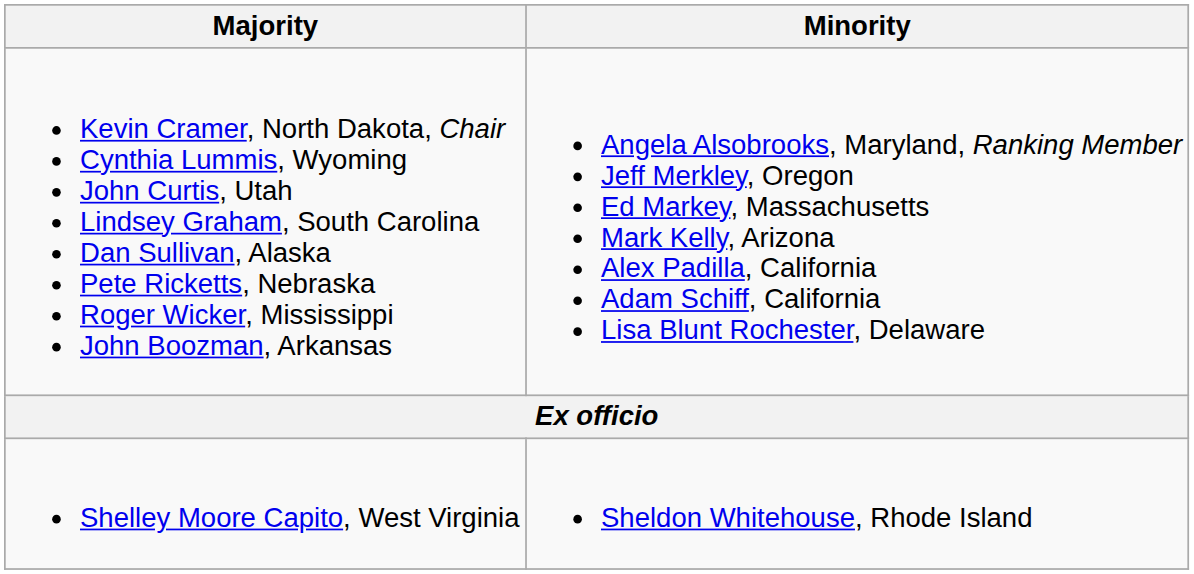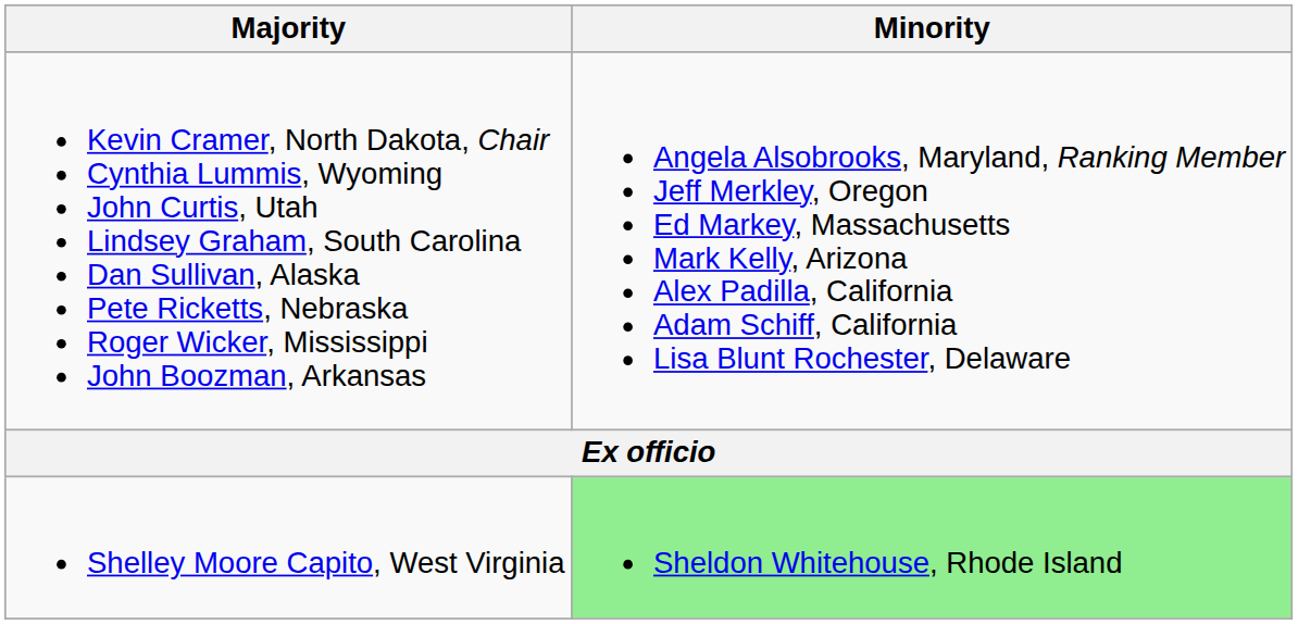 <table class=wikitable>
 <tr>
 <th>Majority</th>
 <th>Minority</th>
 </tr>
 <tr>
 <td><br><ul><li><a href='#'>Kevin Cramer</a>, North Dakota, <em>Chair</em></li><li><a href='#'>Cynthia Lummis</a>, Wyoming</li><li><a href='#'>John Curtis</a>, Utah</li><li><a href='#'>Lindsey Graham</a>, South Carolina</li><li><a href='#'>Dan Sullivan</a>, Alaska</li><li><a href='#'>Pete Ricketts</a>, Nebraska</li><li><a href='#'>Roger Wicker</a>, Mississippi</li><li><a href='#'>John Boozman</a>, Arkansas</li></ul></td>
 <td><br><ul><li><a href='#'>Angela Alsobrooks</a>, Maryland, <em>Ranking Member</em></li><li><a href='#'>Jeff Merkley</a>, Oregon</li><li><a href='#'>Ed Markey</a>, Massachusetts</li><li><a href='#'>Mark Kelly</a>, Arizona</li><li><a href='#'>Alex Padilla</a>, California</li><li><a href='#'>Adam Schiff</a>, California</li><li><a href='#'>Lisa Blunt Rochester</a>, Delaware</li></ul></td>
 </tr>
 <tr>
 <th colspan=2><em>Ex officio</em></th>
 </tr>
 <tr>
 <td><br><ul><li><a href='#'>Shelley Moore Capito</a>, West Virginia</li></ul></td>
-<td><br><ul><li><a href='#'>Sheldon Whitehouse</a>, Rhode Island</li></ul></td>
+<td style="background: lightgreen;"><br><ul><li><a href='#'>Sheldon Whitehouse</a>, Rhode Island</li></ul></td>
 </tr>
 </table>
